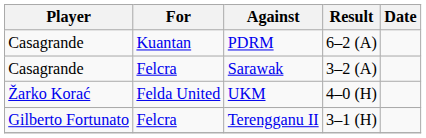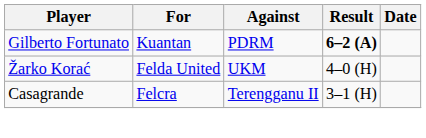 <table class="wikitable">
 <tr>
 <th>Player</th>
 <th>For</th>
 <th>Against</th>
 <th style="text-align:center">Result</th>
 <th>Date</th>
 </tr>
 <tr>
-<td style="text-align:left"> Casagrande</td>
+<td style="text-align:left;"> <a href='#'>Gilberto Fortunato</a></td>
 <td style="text-align:left;"><a href='#'>Kuantan</a></td>
 <td style="text-align:left;"><a href='#'>PDRM</a></td>
-<td>6–2 (A)</td>
-<td></td>
-</tr>
-<tr>
-<td style="text-align:left"> Casagrande</td>
-<td style="text-align:left;"><a href='#'>Felcra</a></td>
-<td style="text-align:left;"><a href='#'>Sarawak</a></td>
-<td>3–2 (A)</td>
+<td><strong>6–2 (A)</strong></td>
 <td></td>
 </tr>
 <tr>
 <td style="text-align:left"> <a href='#'>Žarko Korać</a></td>
 <td style="text-align:left;"><a href='#'>Felda United</a></td>
 <td style="text-align:left;"><a href='#'>UKM</a></td>
 <td>4–0 (H)</td>
 <td></td>
 </tr>
 <tr>
-<td style="text-align:left;"> <a href='#'>Gilberto Fortunato</a></td>
+<td style="text-align:left"> Casagrande</td>
 <td style="text-align:left;"><a href='#'>Felcra</a></td>
 <td style="text-align:left;"><a href='#'>Terengganu II</a></td>
 <td>3–1 (H)</td>
 <td></td>
 </tr>
 <tr>
 </tr>
 </table>
